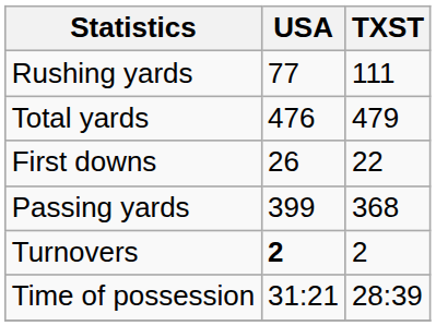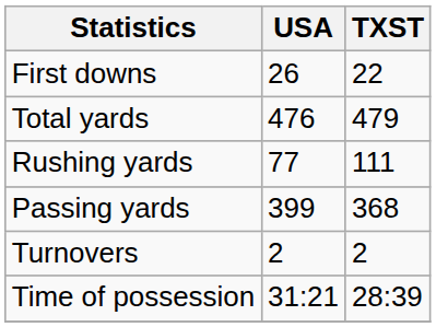 <table class="wikitable" style="float: left;">
 <tr>
 <th>Statistics</th>
 <th>USA</th>
 <th>TXST</th>
 </tr>
 <tr>
-<td>Rushing yards</td>
-<td>77</td>
-<td>111</td>
+<td>First downs</td>
+<td>26</td>
+<td>22</td>
 </tr>
 <tr>
 <td>Total yards</td>
 <td>476</td>
 <td>479</td>
 </tr>
 <tr>
-<td>First downs</td>
-<td>26</td>
-<td>22</td>
+<td>Rushing yards</td>
+<td>77</td>
+<td>111</td>
 </tr>
 <tr>
 <td>Passing yards</td>
 <td>399</td>
 <td>368</td>
 </tr>
 <tr>
 <td>Turnovers</td>
-<td><strong>2</strong></td>
+<td>2</td>
 <td>2</td>
 </tr>
 <tr>
 <td>Time of possession</td>
 <td>31:21</td>
 <td>28:39</td>
 </tr>
 <tr>
 </tr>
 </table>
